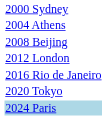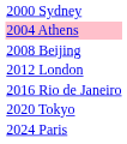 <table>
 <tr>
 <td><a href='#'>2000 Sydney</a><br></td>
 <td></td>
 <td></td>
 <td></td>
 </tr>
 <tr>
-<td><a href='#'>2004 Athens</a><br></td>
+<td style="background: pink;"><a href='#'>2004 Athens</a><br></td>
 <td></td>
 <td></td>
 <td></td>
 </tr>
 <tr valign="top">
 <td rowspan=2><a href='#'>2008 Beijing</a><br></td>
 <td rowspan=2></td>
 <td rowspan=2></td>
 <td></td>
 </tr>
 <tr>
 <td></td>
 </tr>
 <tr valign="top">
 <td rowspan=2><a href='#'>2012 London</a><br></td>
 <td rowspan=2></td>
 <td rowspan=2></td>
 <td></td>
 </tr>
 <tr>
 <td></td>
 </tr>
 <tr valign="top">
 <td rowspan=2><a href='#'>2016 Rio de Janeiro</a><br></td>
 <td rowspan=2></td>
 <td rowspan=2></td>
 <td></td>
 </tr>
 <tr>
 <td></td>
 </tr>
 <tr valign="top">
 <td rowspan=2><a href='#'>2020 Tokyo</a><br></td>
 <td rowspan=2></td>
 <td rowspan=2></td>
 <td></td>
 </tr>
 <tr>
 <td></td>
 </tr>
 <tr valign="top">
-<td style="background: lightblue;"><a href='#'>2024 Paris</a><br></td>
+<td><a href='#'>2024 Paris</a><br></td>
 <td></td>
 <td></td>
 <td><br></td>
 </tr>
 <tr>
 </tr>
 </table>
